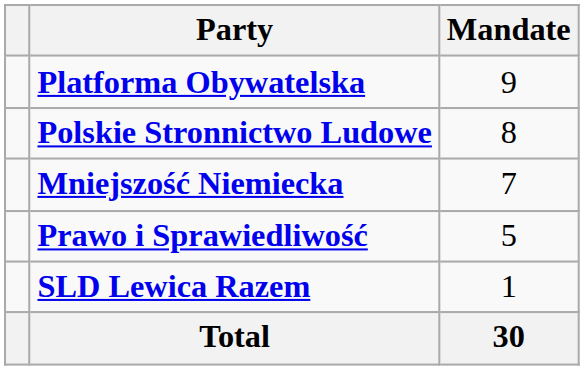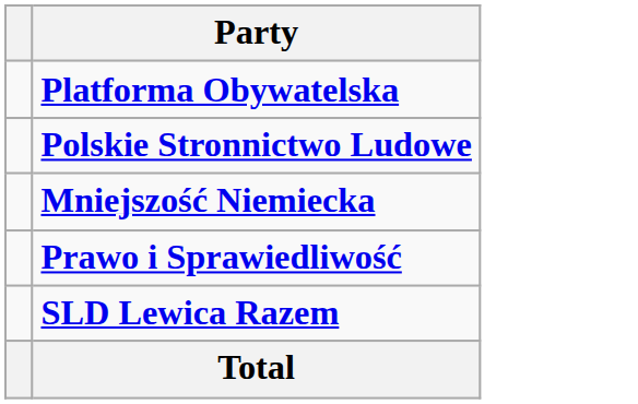 <table class="wikitable">
 <tr>
 <th width=5></th>
 <th>Party</th>
-<th>Mandate</th>
 </tr>
 <tr>
 <td style="background:"></td>
 <td><strong><a href='#'>Platforma Obywatelska</a></strong></td>
-<td align="center">9</td>
 </tr>
 <tr>
 <td style="background:"></td>
 <td><strong><a href='#'>Polskie Stronnictwo Ludowe</a></strong></td>
-<td align="center">8</td>
 </tr>
 <tr>
 <td style="background:"></td>
 <td><strong><a href='#'>Mniejszość Niemiecka</a></strong></td>
-<td align="center">7</td>
 </tr>
 <tr>
 <td style="background:"></td>
 <td><strong><a href='#'>Prawo i Sprawiedliwość</a></strong></td>
-<td align="center">5</td>
 </tr>
 <tr>
 <td style="background:"></td>
 <td><strong><a href='#'>SLD Lewica Razem</a></strong></td>
-<td align="center">1</td>
 </tr>
 <tr bgcolor="#ececec">
 <th></th>
 <th>Total</th>
-<th align="center">30</th>
 </tr>
 </table>
